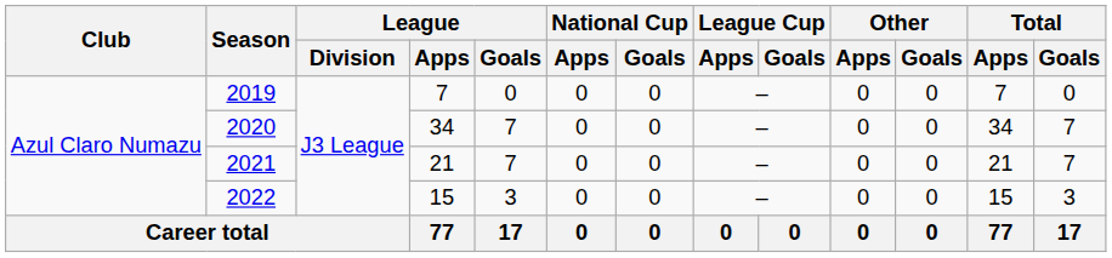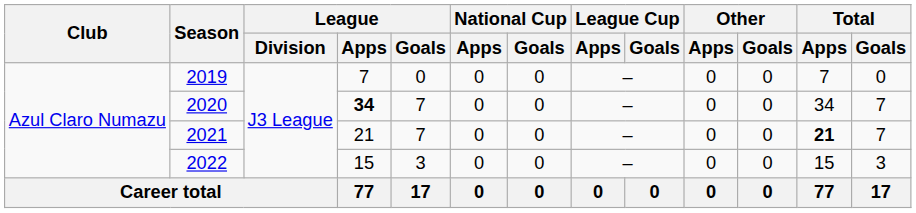 <table class="wikitable" style="text-align: center">
 <tr>
 <th rowspan="2">Club</th>
 <th rowspan="2">Season</th>
 <th colspan="3">League</th>
 <th colspan="2">National Cup</th>
 <th colspan="2">League Cup</th>
 <th colspan="2">Other</th>
 <th colspan="2">Total</th>
 </tr>
 <tr>
 <th>Division</th>
 <th>Apps</th>
 <th>Goals</th>
 <th>Apps</th>
 <th>Goals</th>
 <th>Apps</th>
 <th>Goals</th>
 <th>Apps</th>
 <th>Goals</th>
 <th>Apps</th>
 <th>Goals</th>
 </tr>
 <tr>
 <td rowspan="4"><a href='#'>Azul Claro Numazu</a></td>
 <td><a href='#'>2019</a></td>
 <td rowspan="4"><a href='#'>J3 League</a></td>
 <td>7</td>
 <td>0</td>
 <td>0</td>
 <td>0</td>
 <td colspan="2">–</td>
 <td>0</td>
 <td>0</td>
 <td>7</td>
 <td>0</td>
 </tr>
 <tr>
 <td><a href='#'>2020</a></td>
-<td>34</td>
+<td><strong>34</strong></td>
 <td>7</td>
 <td>0</td>
 <td>0</td>
 <td colspan="2">–</td>
 <td>0</td>
 <td>0</td>
 <td>34</td>
 <td>7</td>
 </tr>
 <tr>
 <td><a href='#'>2021</a></td>
 <td>21</td>
 <td>7</td>
 <td>0</td>
 <td>0</td>
 <td colspan="2">–</td>
 <td>0</td>
 <td>0</td>
-<td>21</td>
+<td><strong>21</strong></td>
 <td>7</td>
 </tr>
 <tr>
 <td><a href='#'>2022</a></td>
 <td>15</td>
 <td>3</td>
 <td>0</td>
 <td>0</td>
 <td colspan="2">–</td>
 <td>0</td>
 <td>0</td>
 <td>15</td>
 <td>3</td>
 </tr>
 <tr>
 <th colspan=3>Career total</th>
 <th>77</th>
 <th>17</th>
 <th>0</th>
 <th>0</th>
 <th>0</th>
 <th>0</th>
 <th>0</th>
 <th>0</th>
 <th>77</th>
 <th>17</th>
 </tr>
 </table>
